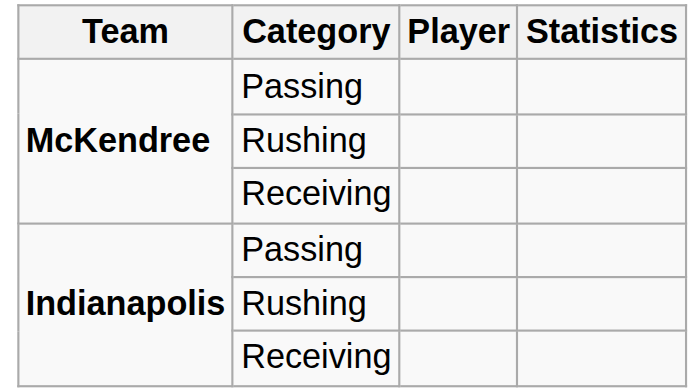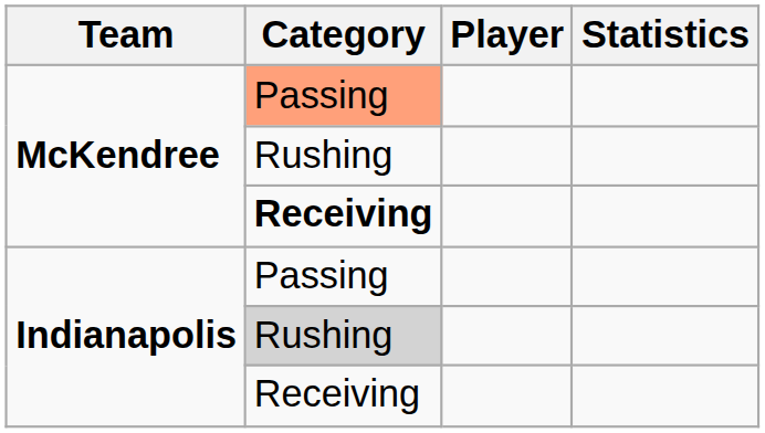 <table class="wikitable" style="float: right;">
 <tr>
 <th>Team</th>
 <th>Category</th>
 <th>Player</th>
 <th>Statistics</th>
 </tr>
 <tr>
 <td rowspan=3><strong>McKendree</strong></td>
-<td>Passing</td>
+<td style="background: lightsalmon;">Passing</td>
 <td></td>
 <td></td>
 </tr>
 <tr>
 <td>Rushing</td>
 <td></td>
 <td></td>
 </tr>
 <tr>
-<td>Receiving</td>
+<td><strong>Receiving</strong></td>
 <td></td>
 <td></td>
 </tr>
 <tr>
 <td rowspan=3><strong>Indianapolis</strong></td>
 <td>Passing</td>
 <td></td>
 <td></td>
 </tr>
 <tr>
-<td>Rushing</td>
+<td style="background: lightgrey;">Rushing</td>
 <td></td>
 <td></td>
 </tr>
 <tr>
 <td>Receiving</td>
 <td></td>
 <td></td>
 </tr>
 </table>
